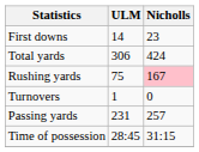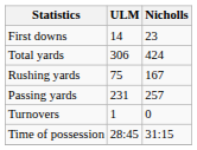 <table class="wikitable" style="float: left;">
 <tr>
 <th>Statistics</th>
 <th>ULM</th>
 <th>Nicholls</th>
 </tr>
 <tr>
 <td>First downs</td>
 <td>14</td>
 <td>23</td>
 </tr>
 <tr>
 <td>Total yards</td>
 <td>306</td>
 <td>424</td>
 </tr>
 <tr>
 <td>Rushing yards</td>
 <td>75</td>
-<td style="background: pink;">167</td>
+<td>167</td>
+</tr>
+<tr>
+<td>Passing yards</td>
+<td>231</td>
+<td>257</td>
 </tr>
 <tr>
 <td>Turnovers</td>
 <td>1</td>
 <td>0</td>
-</tr>
-<tr>
-<td>Passing yards</td>
-<td>231</td>
-<td>257</td>
 </tr>
 <tr>
 <td>Time of possession</td>
 <td>28:45</td>
 <td>31:15</td>
 </tr>
 <tr>
 </tr>
 </table>
